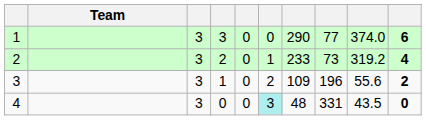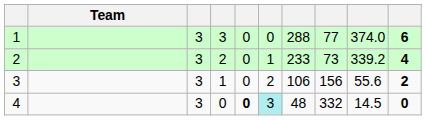 <table class=wikitable style="text-align:center">
 <tr>
 <th width=20 abbr=Position></th>
 <th width=175>Team</th>
 <th width=20 abbr=Played></th>
 <th width=20 abbr=Won></th>
 <th width=20 abbr=Drawn></th>
 <th width=20 abbr=Lost></th>
 <th width=30 abbr=Goal For></th>
 <th width=30 abbr=Goal Against></th>
 <th width=30 abbr=Percentage></th>
 <th width=30 abbr=Points></th>
 </tr>
 <tr bgcolor=#CCFFCC>
 <td>1</td>
 <td align=left></td>
 <td>3</td>
 <td>3</td>
 <td>0</td>
 <td>0</td>
-<td>290</td>
+<td>288</td>
 <td>77</td>
 <td>374.0</td>
 <td><strong>6</strong></td>
 </tr>
 <tr bgcolor=#CCFFCC>
 <td>2</td>
 <td align=left></td>
 <td>3</td>
 <td>2</td>
 <td>0</td>
 <td>1</td>
 <td>233</td>
 <td>73</td>
-<td>319.2</td>
+<td>339.2</td>
 <td><strong>4</strong></td>
 </tr>
 <tr>
 <td>3</td>
 <td align=left></td>
 <td>3</td>
 <td>1</td>
 <td>0</td>
 <td>2</td>
-<td>109</td>
-<td>196</td>
+<td>106</td>
+<td>156</td>
 <td>55.6</td>
 <td><strong>2</strong></td>
 </tr>
 <tr>
 <td>4</td>
 <td align=left></td>
 <td>3</td>
 <td>0</td>
-<td>0</td>
+<td><strong>0</strong></td>
 <td style="background: paleturquoise;">3</td>
 <td>48</td>
-<td>331</td>
-<td>43.5</td>
+<td>332</td>
+<td>14.5</td>
 <td><strong>0</strong></td>
 </tr>
 </table>
